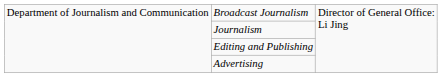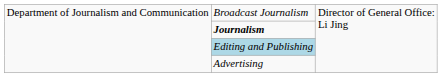 <table class="wikitable">
 <tr valign="top">
 <td rowspan="4">Department of Journalism and Communication</td>
 <td><em>Broadcast Journalism</em></td>
 <td rowspan="4">Director of General Office:<br>Li Jing</td>
 </tr>
 <tr valign="top">
-<td><em>Journalism</em></td>
+<td><strong><em>Journalism</em></strong></td>
 </tr>
 <tr valign="top">
-<td><em>Editing and Publishing</em></td>
+<td style="background: lightblue;"><em>Editing and Publishing</em></td>
 </tr>
 <tr valign="top">
 <td><em>Advertising</em></td>
 </tr>
 </table>
